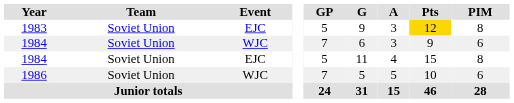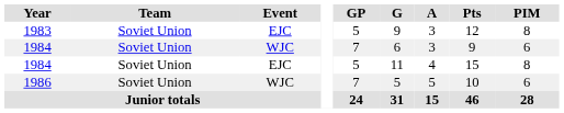 <table border="0" cellpadding="1" cellspacing="0" style="text-align:center; width:40em">
 <tr ALIGN="center" bgcolor="#e0e0e0">
 <th>Year</th>
 <th>Team</th>
 <th>Event</th>
 <th rowspan="99" bgcolor="#ffffff"> </th>
 <th>GP</th>
 <th>G</th>
 <th>A</th>
 <th>Pts</th>
 <th>PIM</th>
 </tr>
 <tr>
 <td><a href='#'>1983</a></td>
 <td><a href='#'>Soviet Union</a></td>
 <td><a href='#'>EJC</a></td>
 <td>5</td>
 <td>9</td>
 <td>3</td>
-<td style="background: gold;">12</td>
+<td>12</td>
 <td>8</td>
 </tr>
 <tr bgcolor="#f0f0f0">
 <td><a href='#'>1984</a></td>
 <td><a href='#'>Soviet Union</a></td>
 <td><a href='#'>WJC</a></td>
 <td>7</td>
 <td>6</td>
 <td>3</td>
 <td>9</td>
 <td>6</td>
 </tr>
 <tr>
 <td><a href='#'>1984</a></td>
 <td>Soviet Union</td>
 <td>EJC</td>
 <td>5</td>
 <td>11</td>
 <td>4</td>
 <td>15</td>
 <td>8</td>
 </tr>
 <tr bgcolor="#f0f0f0">
 <td><a href='#'>1986</a></td>
 <td>Soviet Union</td>
 <td>WJC</td>
 <td>7</td>
 <td>5</td>
 <td>5</td>
 <td>10</td>
 <td>6</td>
 </tr>
 <tr bgcolor="#e0e0e0">
 <th colspan="3">Junior totals</th>
 <th>24</th>
 <th>31</th>
 <th>15</th>
 <th>46</th>
 <th>28</th>
 </tr>
 </table>
